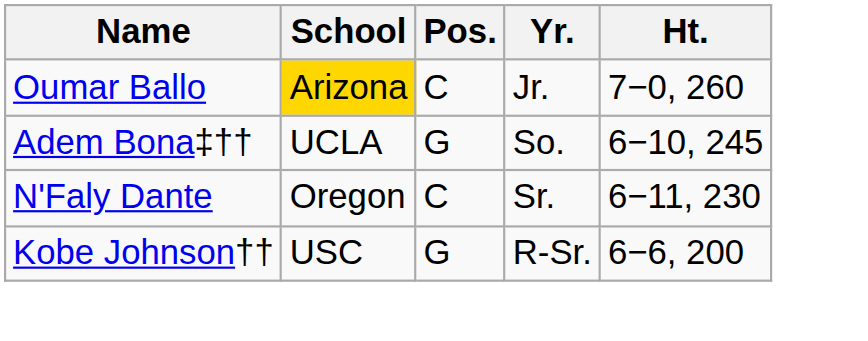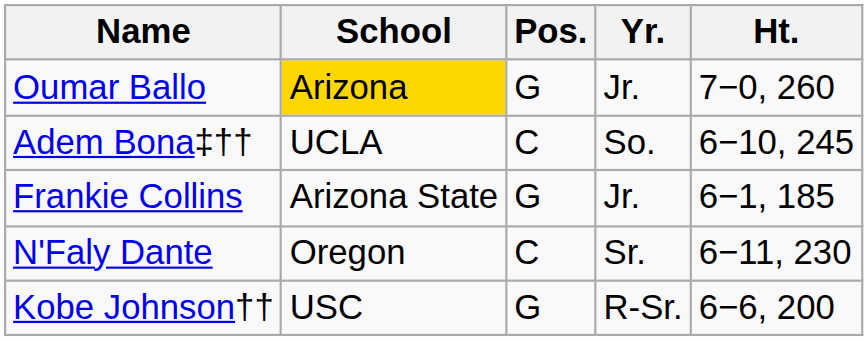 <table class="wikitable">
 <tr>
 <th>Name</th>
 <th>School</th>
 <th>Pos.</th>
 <th>Yr.</th>
 <th>Ht.</th>
 </tr>
 <tr>
 <td><a href='#'>Oumar Ballo</a></td>
 <td style="background: gold;">Arizona</td>
-<td>C</td>
+<td>G</td>
 <td>Jr.</td>
 <td>7−0, 260</td>
 </tr>
 <tr>
 <td><a href='#'>Adem Bona</a>‡††</td>
 <td>UCLA</td>
-<td>G</td>
+<td>C</td>
 <td>So.</td>
 <td>6−10, 245</td>
+</tr>
+<tr>
+<td><a href='#'>Frankie Collins</a></td>
+<td ! style=>Arizona State</td>
+<td>G</td>
+<td>Jr.</td>
+<td>6−1, 185</td>
 </tr>
 <tr>
 <td><a href='#'>N'Faly Dante</a></td>
 <td>Oregon</td>
 <td>C</td>
 <td>Sr.</td>
 <td>6−11, 230</td>
 </tr>
 <tr>
 <td><a href='#'>Kobe Johnson</a>††</td>
 <td !>USC</td>
 <td>G</td>
 <td>R-Sr.</td>
 <td>6−6, 200</td>
 </tr>
 </table>
